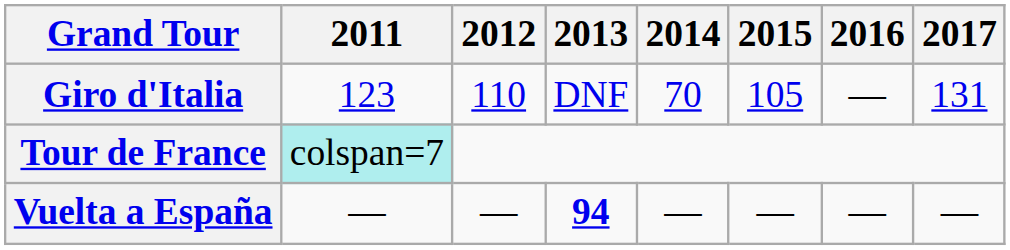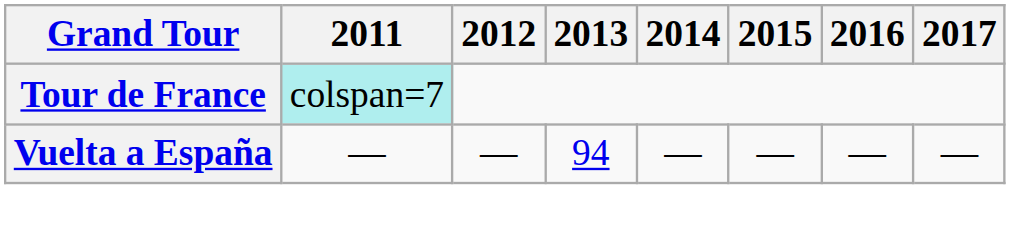 <table class="wikitable plainrowheaders">
 <tr>
 <th scope="col"><a href='#'>Grand Tour</a></th>
 <th scope="col">2011</th>
 <th scope="col">2012</th>
 <th scope="col">2013</th>
 <th scope="col">2014</th>
 <th scope="col">2015</th>
 <th scope="col">2016</th>
 <th scope="col">2017</th>
 </tr>
 <tr style="text-align:center;">
-<th scope="row"> <a href='#'>Giro d'Italia</a></th>
-<td><a href='#'>123</a></td>
-<td><a href='#'>110</a></td>
-<td><a href='#'>DNF</a></td>
-<td><a href='#'>70</a></td>
-<td><a href='#'>105</a></td>
-<td>—</td>
-<td><a href='#'>131</a></td>
-</tr>
-<tr style="text-align:center;">
 <th scope="row"> <a href='#'>Tour de France</a></th>
 <td style="background: paleturquoise;">colspan=7 </td>
 </tr>
 <tr style="text-align:center;">
 <th scope="row"> <a href='#'>Vuelta a España</a></th>
 <td>—</td>
 <td>—</td>
-<td><strong><a href='#'>94</a></strong></td>
+<td><a href='#'>94</a></td>
 <td>—</td>
 <td>—</td>
 <td>—</td>
 <td>—</td>
 </tr>
 </table>
